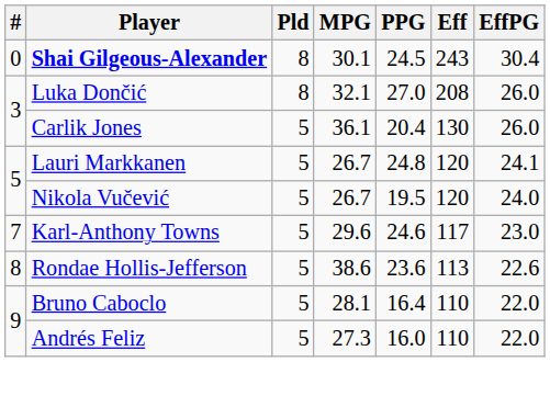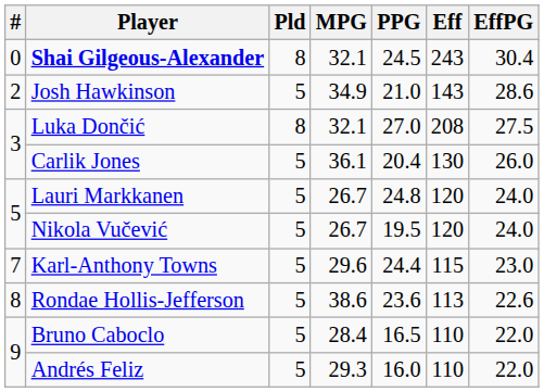 <table class=wikitable style="text-align:right; display:inline-table;">
 <tr>
 <th>#</th>
 <th>Player</th>
 <th>Pld</th>
 <th>MPG</th>
 <th>PPG</th>
 <th>Eff</th>
 <th>EffPG</th>
 </tr>
 <tr>
 <td>0</td>
 <td align=left> <strong><a href='#'>Shai Gilgeous-Alexander</a></strong></td>
 <td>8</td>
-<td>30.1</td>
+<td>32.1</td>
 <td>24.5</td>
 <td>243</td>
 <td>30.4</td>
+</tr>
+<tr>
+<td>2</td>
+<td align=left> <a href='#'>Josh Hawkinson</a></td>
+<td>5</td>
+<td>34.9</td>
+<td>21.0</td>
+<td>143</td>
+<td>28.6</td>
 </tr>
 <tr>
 <td rowspan=2>3</td>
 <td align=left> <a href='#'>Luka Dončić</a></td>
 <td>8</td>
 <td>32.1</td>
 <td>27.0</td>
 <td>208</td>
-<td>26.0</td>
+<td>27.5</td>
 </tr>
 <tr>
 <td align=left> <a href='#'>Carlik Jones</a></td>
 <td>5</td>
 <td>36.1</td>
 <td>20.4</td>
 <td>130</td>
 <td>26.0</td>
 </tr>
 <tr>
 <td rowspan=2>5</td>
 <td align=left> <a href='#'>Lauri Markkanen</a></td>
 <td>5</td>
 <td>26.7</td>
 <td>24.8</td>
 <td>120</td>
-<td>24.1</td>
+<td>24.0</td>
 </tr>
 <tr>
 <td align=left> <a href='#'>Nikola Vučević</a></td>
 <td>5</td>
 <td>26.7</td>
 <td>19.5</td>
 <td>120</td>
 <td>24.0</td>
 </tr>
 <tr>
 <td>7</td>
 <td align=left> <a href='#'>Karl-Anthony Towns</a></td>
 <td>5</td>
 <td>29.6</td>
-<td>24.6</td>
-<td>117</td>
+<td>24.4</td>
+<td>115</td>
 <td>23.0</td>
 </tr>
 <tr>
 <td>8</td>
 <td align=left> <a href='#'>Rondae Hollis-Jefferson</a></td>
 <td>5</td>
 <td>38.6</td>
 <td>23.6</td>
 <td>113</td>
 <td>22.6</td>
 </tr>
 <tr>
 <td rowspan=2>9</td>
 <td align=left> <a href='#'>Bruno Caboclo</a></td>
 <td>5</td>
-<td>28.1</td>
-<td>16.4</td>
+<td>28.4</td>
+<td>16.5</td>
 <td>110</td>
 <td>22.0</td>
 </tr>
 <tr>
 <td align=left> <a href='#'>Andrés Feliz</a></td>
 <td>5</td>
-<td>27.3</td>
+<td>29.3</td>
 <td>16.0</td>
 <td>110</td>
 <td>22.0</td>
 </tr>
 </table>
